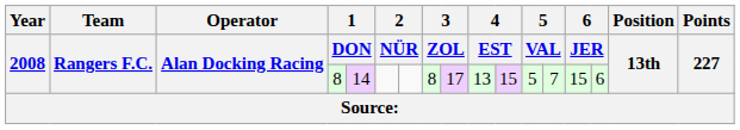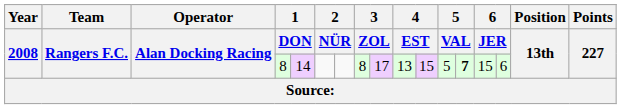 <table class="wikitable" style="text-align:center; font-size:85%">
 <tr>
 <th>Year</th>
 <th>Team</th>
 <th>Operator</th>
 <th colspan=2>1</th>
 <th colspan=2>2</th>
 <th colspan=2>3</th>
 <th colspan=2>4</th>
 <th colspan=2>5</th>
 <th colspan=2>6</th>
 <th>Position</th>
 <th>Points</th>
 </tr>
 <tr>
 <th rowspan=2><a href='#'>2008</a></th>
 <th rowspan=2 nowrap><a href='#'>Rangers F.C.</a></th>
 <th rowspan=2 nowrap><a href='#'>Alan Docking Racing</a></th>
 <th colspan=2><a href='#'>DON</a></th>
 <th colspan=2><a href='#'>NÜR</a></th>
 <th colspan=2><a href='#'>ZOL</a></th>
 <th colspan=2><a href='#'>EST</a></th>
 <th colspan=2><a href='#'>VAL</a></th>
 <th colspan=2><a href='#'>JER</a></th>
 <th rowspan=2>13th</th>
 <th rowspan=2>227</th>
 </tr>
 <tr>
 <td style="background:#dfffdf;">8</td>
 <td style="background:#efcfff;">14</td>
 <td></td>
 <td></td>
 <td style="background:#dfffdf;">8</td>
 <td style="background:#efcfff;">17</td>
 <td style="background:#dfffdf;">13</td>
 <td style="background:#efcfff;">15</td>
 <td style="background:#dfffdf;">5</td>
-<td style="background:#dfffdf;">7</td>
+<td style="background:#dfffdf;"><strong>7</strong></td>
 <td style="background:#dfffdf;">15</td>
 <td style="background:#dfffdf;">6</td>
 </tr>
 <tr>
 <th colspan="17">Source:</th>
 </tr>
 </table>
